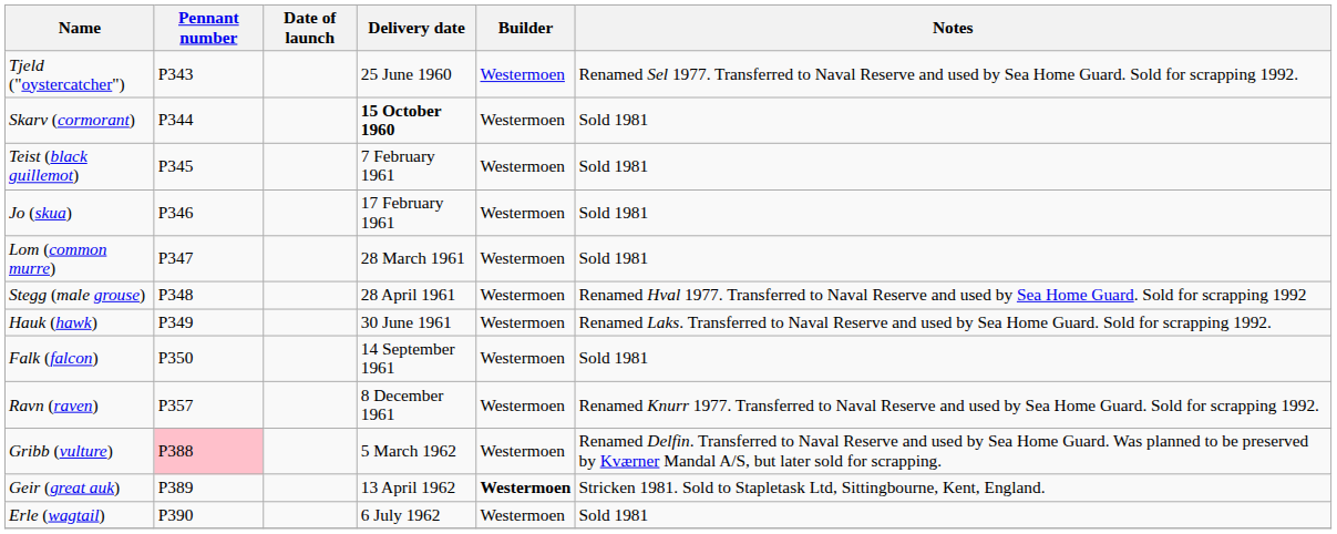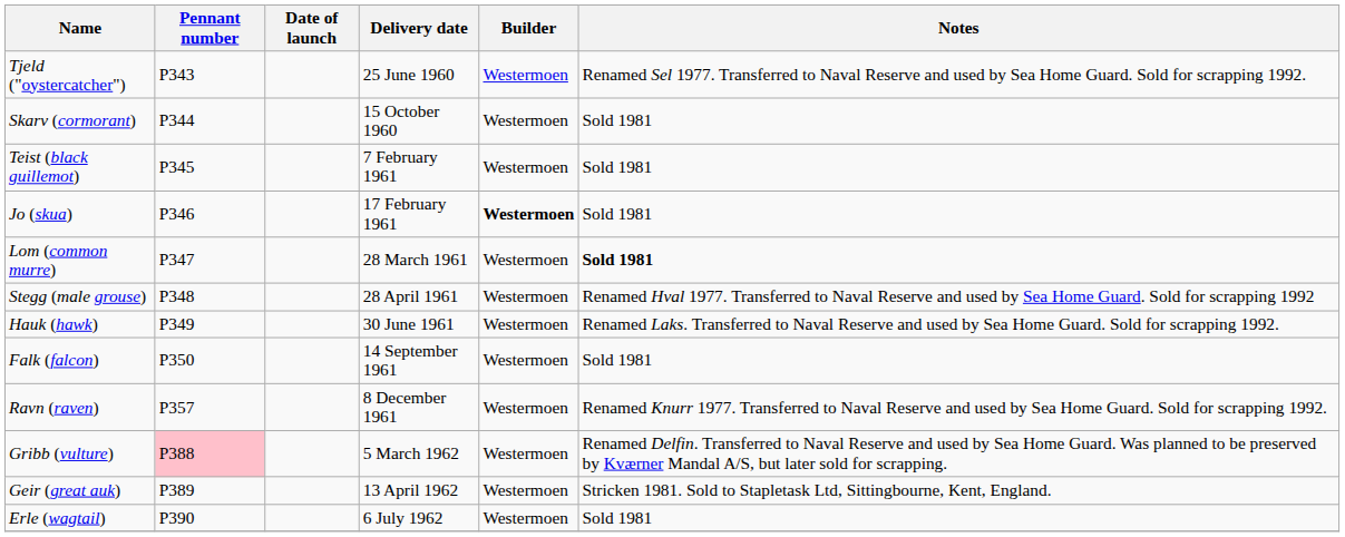 <table class="wikitable">
 <tr>
 <th>Name</th>
 <th><a href='#'>Pennant number</a></th>
 <th>Date of launch</th>
 <th>Delivery date</th>
 <th>Builder</th>
 <th>Notes</th>
 </tr>
 <tr>
 <td><em>Tjeld</em> ("<a href='#'>oystercatcher</a>")</td>
 <td>P343</td>
 <td></td>
 <td>25 June 1960</td>
 <td><a href='#'>Westermoen</a></td>
 <td>Renamed <em>Sel</em> 1977. Transferred to Naval Reserve and used by Sea Home Guard. Sold for scrapping 1992.</td>
 </tr>
 <tr>
 <td><em>Skarv</em> (<em><a href='#'>cormorant</a></em>)</td>
 <td>P344</td>
 <td></td>
-<td><strong>15 October 1960</strong></td>
+<td>15 October 1960</td>
 <td>Westermoen</td>
 <td>Sold 1981</td>
 </tr>
 <tr>
 <td><em>Teist</em> (<em><a href='#'>black guillemot</a></em>)</td>
 <td>P345</td>
 <td></td>
 <td>7 February 1961</td>
 <td>Westermoen</td>
 <td>Sold 1981</td>
 </tr>
 <tr>
 <td><em>Jo</em> (<em><a href='#'>skua</a></em>)</td>
 <td>P346</td>
 <td></td>
 <td>17 February 1961</td>
-<td>Westermoen</td>
+<td><strong>Westermoen</strong></td>
 <td>Sold 1981</td>
 </tr>
 <tr>
 <td><em>Lom</em> (<em><a href='#'>common murre</a></em>)</td>
 <td>P347</td>
 <td></td>
 <td>28 March 1961</td>
 <td>Westermoen</td>
-<td>Sold 1981</td>
+<td><strong>Sold 1981</strong></td>
 </tr>
 <tr>
 <td><em>Stegg</em>  (<em>male <a href='#'>grouse</a></em>)</td>
 <td>P348</td>
 <td></td>
 <td>28 April 1961</td>
 <td>Westermoen</td>
 <td>Renamed <em>Hval</em> 1977. Transferred to Naval Reserve and used by <a href='#'>Sea Home Guard</a>. Sold for scrapping 1992</td>
 </tr>
 <tr>
 <td><em>Hauk</em> (<em><a href='#'>hawk</a></em>)</td>
 <td>P349</td>
 <td></td>
 <td>30 June 1961</td>
 <td>Westermoen</td>
 <td>Renamed <em>Laks</em>. Transferred to Naval Reserve and used by Sea Home Guard. Sold for scrapping 1992.</td>
 </tr>
 <tr>
 <td><em>Falk</em> (<em><a href='#'>falcon</a></em>)</td>
 <td>P350</td>
 <td></td>
 <td>14 September 1961</td>
 <td>Westermoen</td>
 <td>Sold 1981</td>
 </tr>
 <tr>
 <td><em>Ravn</em>  (<em><a href='#'>raven</a></em>)</td>
 <td>P357</td>
 <td></td>
 <td>8 December 1961</td>
 <td>Westermoen</td>
 <td>Renamed <em>Knurr</em> 1977. Transferred to Naval Reserve and used by Sea Home Guard. Sold for scrapping 1992.</td>
 </tr>
 <tr>
 <td><em>Gribb</em> (<em><a href='#'>vulture</a></em>)</td>
 <td style="background: pink;">P388</td>
 <td></td>
 <td>5 March 1962</td>
 <td>Westermoen</td>
 <td>Renamed <em>Delfin</em>. Transferred to Naval Reserve and used by Sea Home Guard. Was planned to be preserved by <a href='#'>Kværner</a> Mandal A/S, but later sold for scrapping.</td>
 </tr>
 <tr>
 <td><em>Geir</em> (<em><a href='#'>great auk</a></em>)</td>
 <td>P389</td>
 <td></td>
 <td>13 April 1962</td>
-<td><strong>Westermoen</strong></td>
+<td>Westermoen</td>
 <td>Stricken 1981. Sold to Stapletask Ltd, Sittingbourne, Kent, England.</td>
 </tr>
 <tr>
 <td><em>Erle</em> (<em><a href='#'>wagtail</a></em>)</td>
 <td>P390</td>
 <td></td>
 <td>6 July 1962</td>
 <td>Westermoen</td>
 <td>Sold 1981</td>
 </tr>
 <tr>
 </tr>
 </table>
